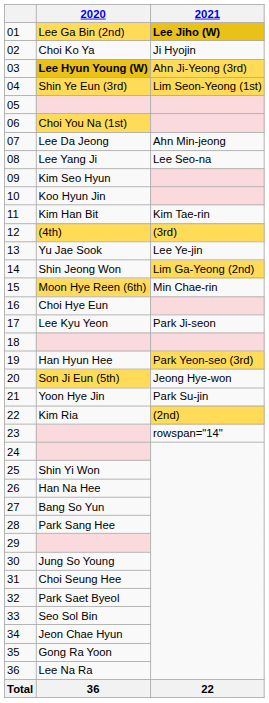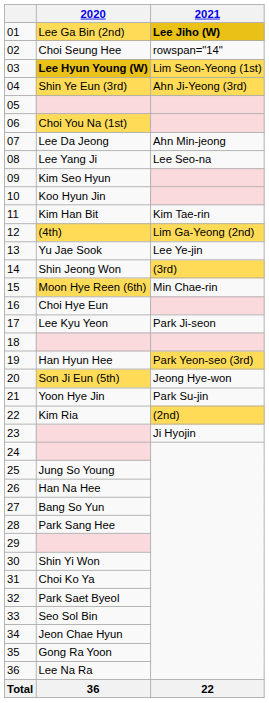 <table class="wikitable" style="font-size: 82%">
 <tr>
 <th></th>
 <th><a href='#'>2020</a></th>
 <th><a href='#'>2021</a></th>
 </tr>
 <tr>
 <td>01</td>
 <td bgcolor="#FFDB58">Lee Ga Bin (2nd)</td>
 <td bgcolor="#EAC117"><strong>Lee Jiho (W)</strong></td>
 </tr>
 <tr>
 <td>02</td>
-<td>Choi Ko Ya</td>
-<td>Ji Hyojin</td>
+<td>Choi Seung Hee</td>
+<td>rowspan="14" </td>
 </tr>
 <tr>
 <td>03</td>
 <td bgcolor="#EAC117"><strong>Lee Hyun Young (W)</strong></td>
-<td bgcolor="#FFDB58">Ahn Ji-Yeong (3rd)</td>
+<td bgcolor="#FFDB58">Lim Seon-Yeong (1st)</td>
 </tr>
 <tr>
 <td>04</td>
 <td bgcolor="#FFDB58">Shin Ye Eun (3rd)</td>
-<td bgcolor="#FFDB58">Lim Seon-Yeong (1st)</td>
+<td bgcolor="#FFDB58">Ahn Ji-Yeong (3rd)</td>
 </tr>
 <tr>
 <td>05</td>
 <td bgcolor=#FADADD></td>
 <td bgcolor=#FADADD></td>
 </tr>
 <tr>
 <td>06</td>
 <td bgcolor="#FFDB58">Choi You Na (1st)</td>
 <td bgcolor=#FADADD></td>
 </tr>
 <tr>
 <td>07</td>
 <td>Lee Da Jeong</td>
 <td>Ahn Min-jeong</td>
 </tr>
 <tr>
 <td>08</td>
 <td>Lee Yang Ji</td>
 <td>Lee Seo-na</td>
 </tr>
 <tr>
 <td>09</td>
 <td>Kim Seo Hyun</td>
 <td bgcolor=#FADADD></td>
 </tr>
 <tr>
 <td>10</td>
 <td>Koo Hyun Jin</td>
 <td bgcolor=#FADADD></td>
 </tr>
 <tr>
 <td>11</td>
 <td>Kim Han Bit</td>
 <td>Kim Tae-rin</td>
 </tr>
 <tr>
 <td>12</td>
 <td bgcolor="#FFDB58"> (4th)</td>
-<td bgcolor="#FFDB58"> (3rd)</td>
+<td bgcolor="#FFDB58">Lim Ga-Yeong (2nd)</td>
 </tr>
 <tr>
 <td>13</td>
 <td>Yu Jae Sook</td>
 <td>Lee Ye-jin</td>
 </tr>
 <tr>
 <td>14</td>
 <td>Shin Jeong Won</td>
-<td bgcolor="#FFDB58">Lim Ga-Yeong (2nd)</td>
+<td bgcolor="#FFDB58"> (3rd)</td>
 </tr>
 <tr>
 <td>15</td>
 <td bgcolor="#FFDB58">Moon Hye Reen (6th)</td>
 <td>Min Chae-rin</td>
 </tr>
 <tr>
 <td>16</td>
 <td>Choi Hye Eun</td>
 <td bgcolor=#FADADD></td>
 </tr>
 <tr>
 <td>17</td>
 <td>Lee Kyu Yeon</td>
 <td>Park Ji-seon</td>
 </tr>
 <tr>
 <td>18</td>
 <td bgcolor=#FADADD></td>
 <td bgcolor=#FADADD></td>
 </tr>
 <tr>
 <td>19</td>
 <td>Han Hyun Hee</td>
 <td bgcolor="#FFDB58">Park Yeon-seo (3rd)</td>
 </tr>
 <tr>
 <td>20</td>
 <td bgcolor="#FFDB58">Son Ji Eun (5th)</td>
 <td>Jeong Hye-won</td>
 </tr>
 <tr>
 <td>21</td>
 <td>Yoon Hye Jin</td>
 <td>Park Su-jin</td>
 </tr>
 <tr>
 <td>22</td>
 <td>Kim Ria</td>
 <td bgcolor="#FFDB58"> (2nd)</td>
 </tr>
 <tr>
 <td>23</td>
 <td bgcolor=#FADADD></td>
-<td>rowspan="14" </td>
+<td>Ji Hyojin</td>
 </tr>
 <tr>
 <td>24</td>
 <td bgcolor=#FADADD></td>
 </tr>
 <tr>
 <td>25</td>
-<td>Shin Yi Won</td>
+<td>Jung So Young</td>
 </tr>
 <tr>
 <td>26</td>
 <td>Han Na Hee</td>
 </tr>
 <tr>
 <td>27</td>
 <td>Bang So Yun</td>
 </tr>
 <tr>
 <td>28</td>
 <td>Park Sang Hee</td>
 </tr>
 <tr>
 <td>29</td>
 <td bgcolor=#FADADD></td>
 </tr>
 <tr>
 <td>30</td>
-<td>Jung So Young</td>
+<td>Shin Yi Won</td>
 </tr>
 <tr>
 <td>31</td>
-<td>Choi Seung Hee</td>
+<td>Choi Ko Ya</td>
 </tr>
 <tr>
 <td>32</td>
 <td>Park Saet Byeol</td>
 </tr>
 <tr>
 <td>33</td>
 <td>Seo Sol Bin</td>
 </tr>
 <tr>
 <td>34</td>
 <td>Jeon Chae Hyun</td>
 </tr>
 <tr>
 <td>35</td>
 <td>Gong Ra Yoon</td>
 </tr>
 <tr>
 <td>36</td>
 <td>Lee Na Ra</td>
 </tr>
 <tr>
 <th>Total</th>
 <th>36</th>
 <th>22</th>
 </tr>
 </table>
